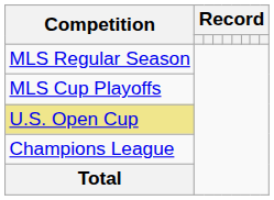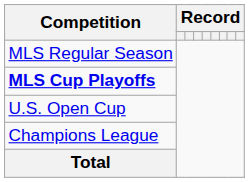 <table class="wikitable" style="text-align: center">
 <tr>
 <th rowspan=2>Competition</th>
 <th colspan=8>Record</th>
 </tr>
 <tr>
 <th></th>
 <th></th>
 <th></th>
 <th></th>
 <th></th>
 <th></th>
 <th></th>
 <th></th>
 </tr>
 <tr>
 <td align="left"><a href='#'>MLS Regular Season</a><br></td>
 </tr>
 <tr>
-<td align="left"><a href='#'>MLS Cup Playoffs</a><br></td>
+<td align="left"><strong><a href='#'>MLS Cup Playoffs</a><br></strong></td>
 </tr>
 <tr>
-<td align="left" style="background: khaki;"><a href='#'>U.S. Open Cup</a><br></td>
+<td align="left"><a href='#'>U.S. Open Cup</a><br></td>
 </tr>
 <tr>
 <td align="left"><a href='#'>Champions League</a><br></td>
 </tr>
 <tr>
 <th>Total<br></th>
 </tr>
 </table>
